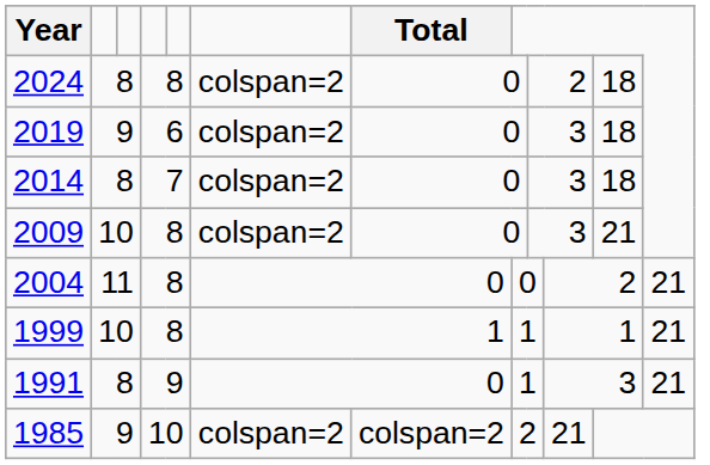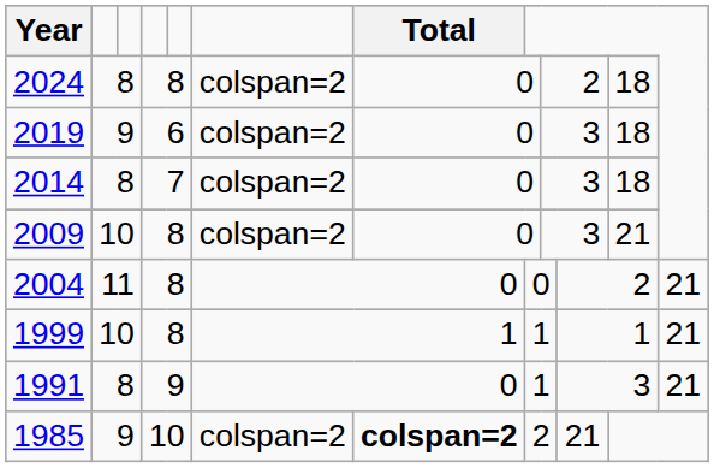 <table class="wikitable" style="text-align:right; padding-left:1em">
 <tr>
 <th align="left">Year</th>
 <td></td>
 <td></td>
 <td></td>
 <td></td>
 <td></td>
 <th align="left">Total</th>
 </tr>
 <tr>
 <td align=left><a href='#'>2024</a></td>
 <td colspan=2>8</td>
 <td colspan=2>8</td>
 <td>colspan=2 </td>
 <td colspan=2>0</td>
 <td colspan=2>2</td>
 <td>18</td>
 </tr>
 <tr>
 <td align=left><a href='#'>2019</a></td>
 <td colspan=2>9</td>
 <td colspan=2>6</td>
 <td>colspan=2 </td>
 <td colspan=2>0</td>
 <td colspan=2>3</td>
 <td>18</td>
 </tr>
 <tr>
 <td align=left><a href='#'>2014</a></td>
 <td colspan=2>8</td>
 <td colspan=2>7</td>
 <td>colspan=2 </td>
 <td colspan=2>0</td>
 <td colspan=2>3</td>
 <td>18</td>
 </tr>
 <tr>
 <td align=left><a href='#'>2009</a></td>
 <td colspan=2>10</td>
 <td colspan=2>8</td>
 <td>colspan=2 </td>
 <td colspan=2>0</td>
 <td colspan=2>3</td>
 <td>21</td>
 </tr>
 <tr>
 <td align=left><a href='#'>2004</a></td>
 <td colspan=2>11</td>
 <td colspan=2>8</td>
 <td colspan=2>0</td>
 <td colspan=2>0</td>
 <td colspan=2>2</td>
 <td>21</td>
 </tr>
 <tr>
 <td align=left><a href='#'>1999</a></td>
 <td colspan=2>10</td>
 <td colspan=2>8</td>
 <td colspan=2>1</td>
 <td colspan=2>1</td>
 <td colspan=2>1</td>
 <td>21</td>
 </tr>
 <tr>
 <td align=left><a href='#'>1991</a></td>
 <td colspan=2>8</td>
 <td colspan=2>9</td>
 <td colspan=2>0</td>
 <td colspan=2>1</td>
 <td colspan=2>3</td>
 <td>21</td>
 </tr>
 <tr>
 <td align=left><a href='#'>1985</a></td>
 <td colspan=2>9</td>
 <td colspan=2>10</td>
 <td>colspan=2 </td>
-<td>colspan=2 </td>
+<td><strong>colspan=2 </strong></td>
 <td colspan=2>2</td>
 <td>21</td>
 </tr>
 </table>
